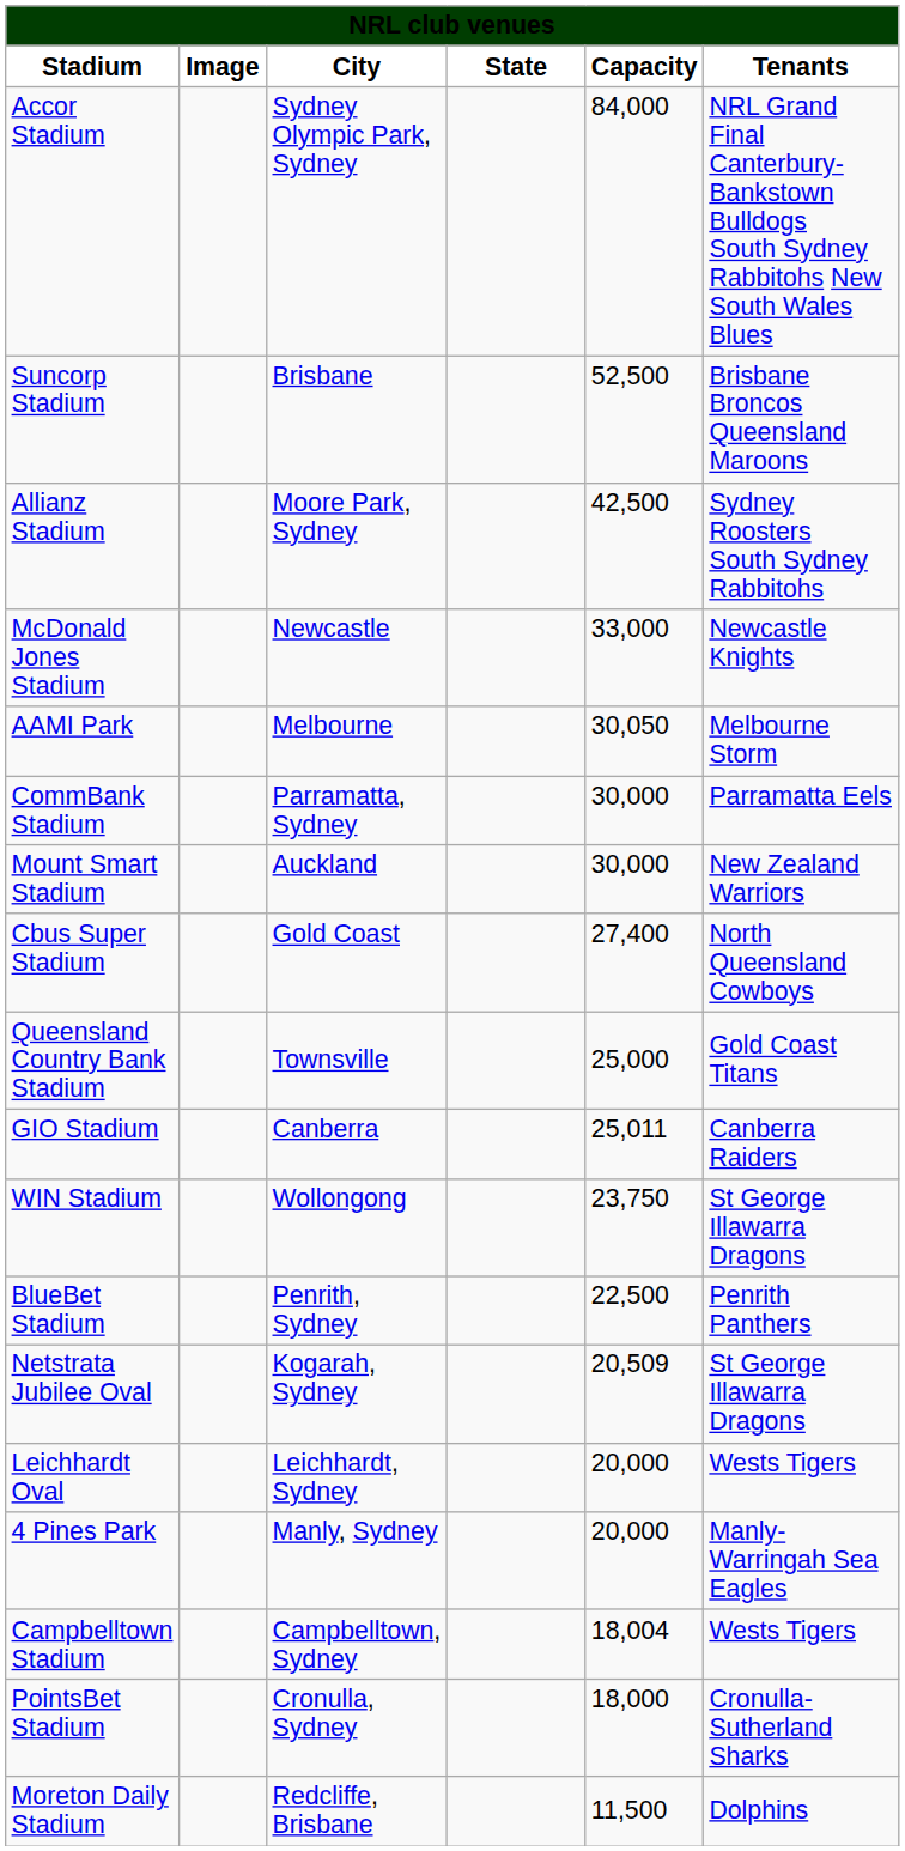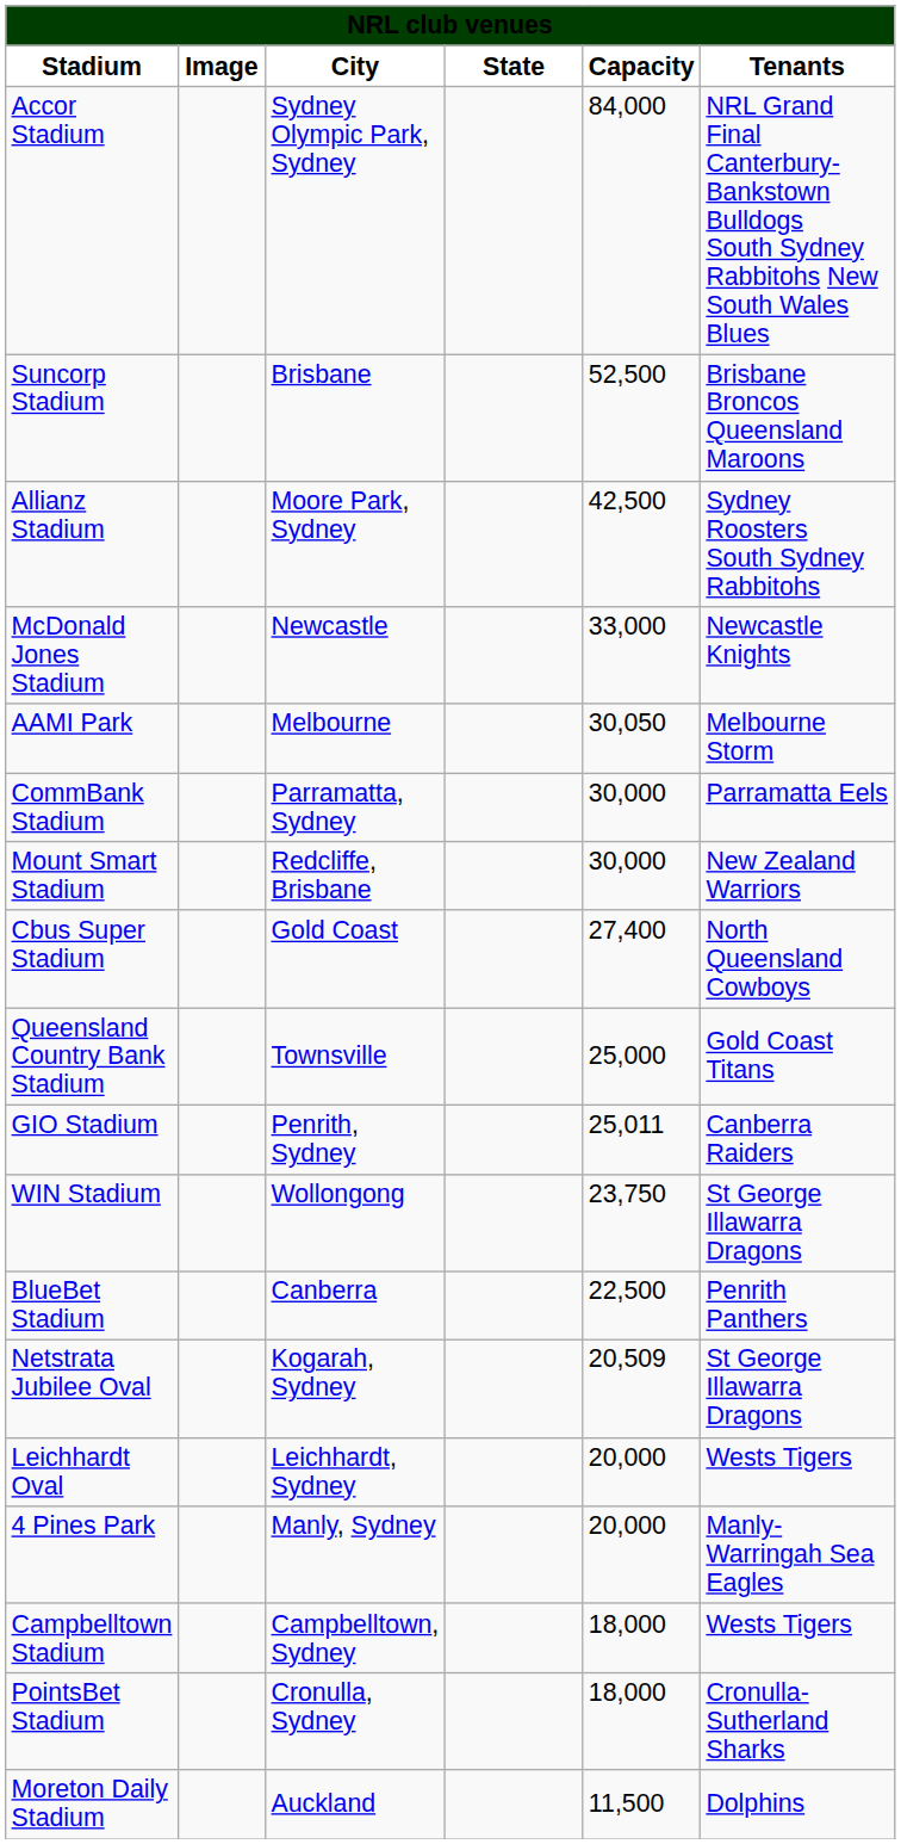 <table class="wikitable" style="width: 90%">
 <tr>
 <td colspan="7" style="background:#003d01; text-align:center;"><strong><span>NRL club venues</span></strong></td>
 </tr>
 <tr>
 <th style="background:white; width:16%">Stadium</th>
 <th style="background:white; width:10%">Image</th>
 <th style="background:white; width:20%">City</th>
 <th style="background:white; width:20%">State</th>
 <th style="background:white; width:9%">Capacity</th>
 <th style="background:white; width:25%">Tenants</th>
 </tr>
 <tr valign="top">
 <td><a href='#'>Accor Stadium</a></td>
 <td></td>
 <td><a href='#'>Sydney Olympic Park</a>, <a href='#'>Sydney</a></td>
 <td></td>
 <td>84,000</td>
 <td><a href='#'>NRL Grand Final</a> <a href='#'>Canterbury-Bankstown Bulldogs</a><br> <a href='#'>South Sydney Rabbitohs</a>  <a href='#'>New South Wales Blues</a></td>
 </tr>
 <tr valign="top">
 <td><a href='#'>Suncorp Stadium</a></td>
 <td></td>
 <td><a href='#'>Brisbane</a></td>
 <td></td>
 <td>52,500</td>
 <td> <a href='#'>Brisbane Broncos</a><br> <a href='#'>Queensland Maroons</a></td>
 </tr>
 <tr valign="top">
 <td><a href='#'>Allianz Stadium</a></td>
 <td></td>
 <td><a href='#'>Moore Park</a>, <a href='#'>Sydney</a></td>
 <td></td>
 <td>42,500</td>
 <td> <a href='#'>Sydney Roosters</a><br> <a href='#'>South Sydney Rabbitohs</a></td>
 </tr>
 <tr valign="top">
 <td><a href='#'>McDonald Jones Stadium</a></td>
 <td></td>
 <td><a href='#'>Newcastle</a></td>
 <td></td>
 <td>33,000</td>
 <td> <a href='#'>Newcastle Knights</a></td>
 </tr>
 <tr valign="top">
 <td><a href='#'>AAMI Park</a></td>
 <td></td>
 <td><a href='#'>Melbourne</a></td>
 <td></td>
 <td>30,050</td>
 <td> <a href='#'>Melbourne Storm</a></td>
 </tr>
 <tr valign="top">
 <td><a href='#'>CommBank Stadium</a></td>
 <td></td>
 <td><a href='#'>Parramatta</a>, <a href='#'>Sydney</a></td>
 <td></td>
 <td>30,000</td>
 <td> <a href='#'>Parramatta Eels</a></td>
 </tr>
 <tr valign="top">
 <td><a href='#'>Mount Smart Stadium</a></td>
 <td></td>
-<td><a href='#'>Auckland</a></td>
+<td><a href='#'>Redcliffe</a>, <a href='#'>Brisbane</a></td>
 <td></td>
 <td>30,000</td>
 <td> <a href='#'>New Zealand Warriors</a></td>
 </tr>
 <tr valign="top">
 <td><a href='#'>Cbus Super Stadium</a></td>
 <td></td>
 <td><a href='#'>Gold Coast</a></td>
 <td></td>
 <td>27,400</td>
 <td> <a href='#'>North Queensland Cowboys</a></td>
 </tr>
 <tr>
 <td><a href='#'>Queensland Country Bank Stadium</a></td>
 <td></td>
 <td><a href='#'>Townsville</a></td>
 <td></td>
 <td>25,000</td>
 <td>  <a href='#'>Gold Coast Titans</a></td>
 </tr>
 <tr valign="top">
 <td><a href='#'>GIO Stadium</a></td>
 <td></td>
-<td><a href='#'>Canberra</a></td>
+<td><a href='#'>Penrith</a>, <a href='#'>Sydney</a></td>
 <td></td>
 <td>25,011</td>
 <td> <a href='#'>Canberra Raiders</a></td>
 </tr>
 <tr valign="top">
 <td><a href='#'>WIN Stadium</a></td>
 <td></td>
 <td><a href='#'>Wollongong</a></td>
 <td></td>
 <td>23,750</td>
 <td> <a href='#'>St George Illawarra Dragons</a></td>
 </tr>
 <tr valign="top">
 <td><a href='#'>BlueBet Stadium</a></td>
 <td></td>
-<td><a href='#'>Penrith</a>, <a href='#'>Sydney</a></td>
+<td><a href='#'>Canberra</a></td>
 <td></td>
 <td>22,500</td>
 <td> <a href='#'>Penrith Panthers</a></td>
 </tr>
 <tr valign="top">
 <td><a href='#'>Netstrata Jubilee Oval</a></td>
 <td></td>
 <td><a href='#'>Kogarah</a>, <a href='#'>Sydney</a></td>
 <td></td>
 <td>20,509</td>
 <td> <a href='#'>St George Illawarra Dragons</a></td>
 </tr>
 <tr valign="top">
 <td><a href='#'>Leichhardt Oval</a></td>
 <td></td>
 <td><a href='#'>Leichhardt</a>, <a href='#'>Sydney</a></td>
 <td></td>
 <td>20,000</td>
 <td> <a href='#'>Wests Tigers</a></td>
 </tr>
 <tr valign="top">
 <td><a href='#'>4 Pines Park</a></td>
 <td></td>
 <td><a href='#'>Manly</a>, <a href='#'>Sydney</a></td>
 <td></td>
 <td>20,000</td>
 <td> <a href='#'>Manly-Warringah Sea Eagles</a></td>
 </tr>
 <tr valign="top">
 <td><a href='#'>Campbelltown Stadium</a></td>
 <td></td>
 <td><a href='#'>Campbelltown</a>, <a href='#'>Sydney</a></td>
 <td></td>
-<td>18,004</td>
+<td>18,000</td>
 <td> <a href='#'>Wests Tigers</a></td>
 </tr>
 <tr valign="top">
 <td><a href='#'>PointsBet Stadium</a></td>
 <td></td>
 <td><a href='#'>Cronulla</a>, <a href='#'>Sydney</a></td>
 <td></td>
 <td>18,000</td>
 <td> <a href='#'>Cronulla-Sutherland Sharks</a></td>
 </tr>
 <tr>
 <td><a href='#'>Moreton Daily Stadium</a></td>
 <td></td>
-<td><a href='#'>Redcliffe</a>, <a href='#'>Brisbane</a></td>
+<td><a href='#'>Auckland</a></td>
 <td></td>
 <td>11,500</td>
 <td> <a href='#'>Dolphins</a></td>
 </tr>
 </table>
